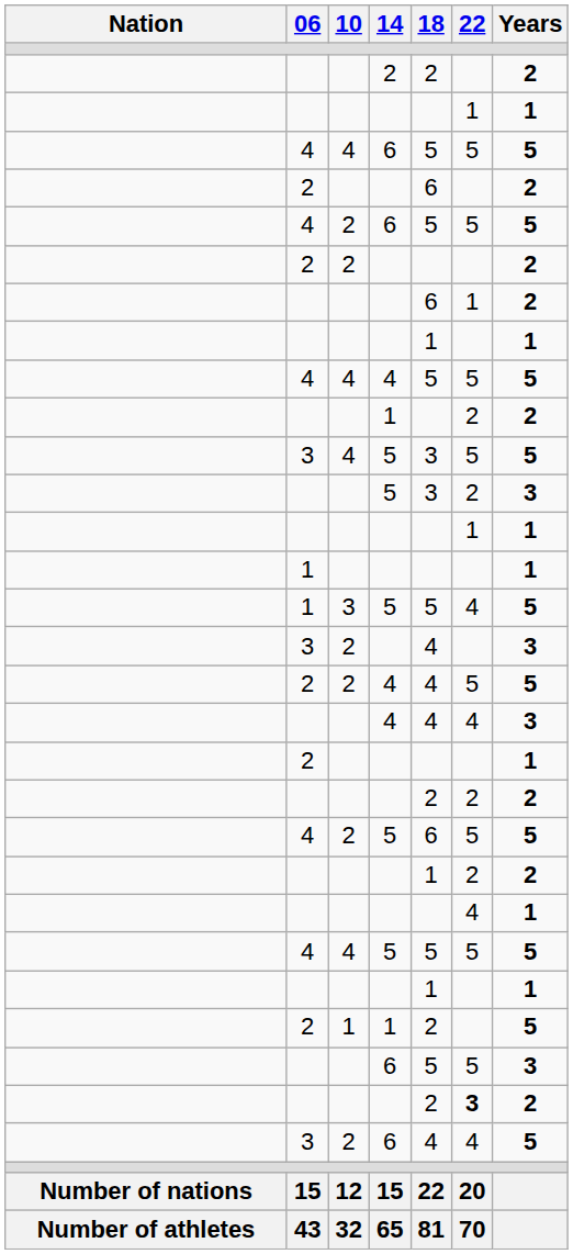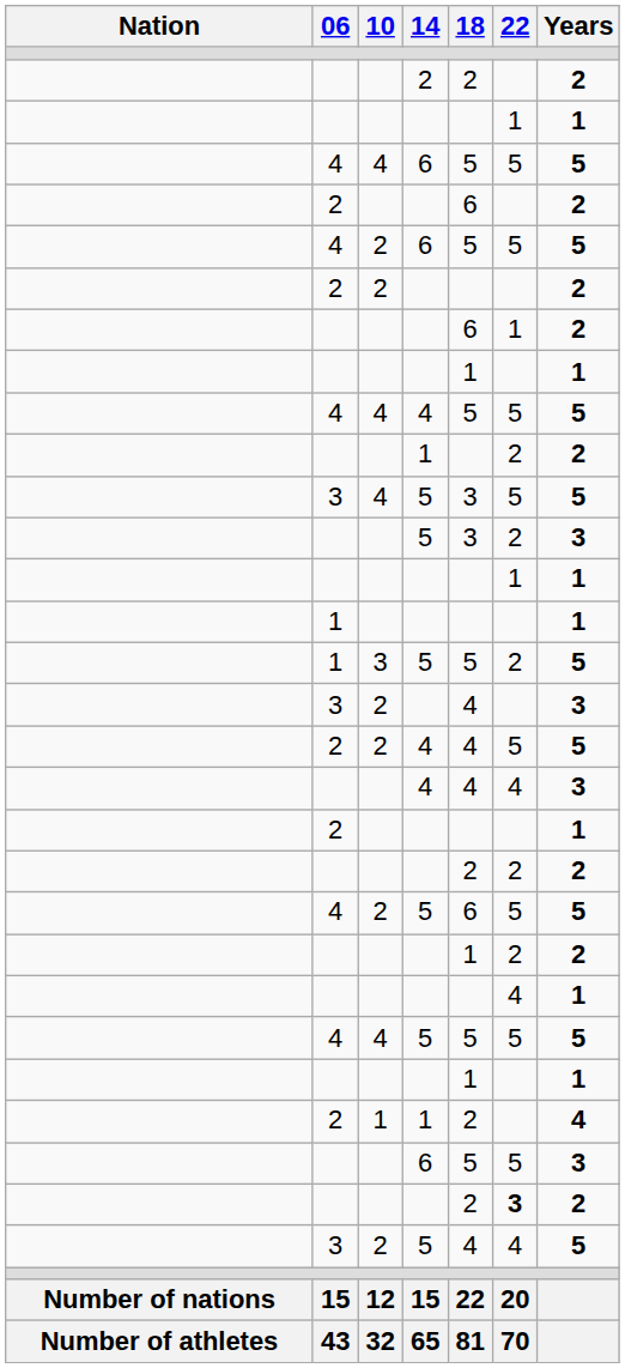 <table class=wikitable style="text-align:center">
 <tr>
 <th width=180>Nation</th>
 <th width=20><a href='#'>06</a></th>
 <th width=20><a href='#'>10</a></th>
 <th width=20><a href='#'>14</a></th>
 <th width=20><a href='#'>18</a></th>
 <th width=20><a href='#'>22</a></th>
 <th width=40>Years</th>
 </tr>
 <tr bgcolor=#DDDDDD>
 <td colspan=7></td>
 </tr>
 <tr>
 <td align=left></td>
 <td></td>
 <td></td>
 <td>2</td>
 <td>2</td>
 <td></td>
 <td><strong>2</strong></td>
 </tr>
 <tr>
 <td align=left></td>
 <td></td>
 <td></td>
 <td></td>
 <td></td>
 <td>1</td>
 <td><strong>1</strong></td>
 </tr>
 <tr>
 <td align=left></td>
 <td>4</td>
 <td>4</td>
 <td>6</td>
 <td>5</td>
 <td>5</td>
 <td><strong>5</strong></td>
 </tr>
 <tr>
 <td align=left></td>
 <td>2</td>
 <td></td>
 <td></td>
 <td>6</td>
 <td></td>
 <td><strong>2</strong></td>
 </tr>
 <tr>
 <td align=left></td>
 <td>4</td>
 <td>2</td>
 <td>6</td>
 <td>5</td>
 <td>5</td>
 <td><strong>5</strong></td>
 </tr>
 <tr>
 <td align=left></td>
 <td>2</td>
 <td>2</td>
 <td></td>
 <td></td>
 <td></td>
 <td><strong>2</strong></td>
 </tr>
 <tr>
 <td align=left></td>
 <td></td>
 <td></td>
 <td></td>
 <td>6</td>
 <td>1</td>
 <td><strong>2</strong></td>
 </tr>
 <tr>
 <td align=left></td>
 <td></td>
 <td></td>
 <td></td>
 <td>1</td>
 <td></td>
 <td><strong>1</strong></td>
 </tr>
 <tr>
 <td align=left></td>
 <td>4</td>
 <td>4</td>
 <td>4</td>
 <td>5</td>
 <td>5</td>
 <td><strong>5</strong></td>
 </tr>
 <tr>
 <td align=left></td>
 <td></td>
 <td></td>
 <td>1</td>
 <td></td>
 <td>2</td>
 <td><strong>2</strong></td>
 </tr>
 <tr>
 <td align=left></td>
 <td>3</td>
 <td>4</td>
 <td>5</td>
 <td>3</td>
 <td>5</td>
 <td><strong>5</strong></td>
 </tr>
 <tr>
 <td align=left></td>
 <td></td>
 <td></td>
 <td>5</td>
 <td>3</td>
 <td>2</td>
 <td><strong>3</strong></td>
 </tr>
 <tr>
 <td align=left></td>
 <td></td>
 <td></td>
 <td></td>
 <td></td>
 <td>1</td>
 <td><strong>1</strong></td>
 </tr>
 <tr>
 <td align=left></td>
 <td>1</td>
 <td></td>
 <td></td>
 <td></td>
 <td></td>
 <td><strong>1</strong></td>
 </tr>
 <tr>
 <td align=left></td>
 <td>1</td>
 <td>3</td>
 <td>5</td>
 <td>5</td>
-<td>4</td>
+<td>2</td>
 <td><strong>5</strong></td>
 </tr>
 <tr>
 <td align=left></td>
 <td>3</td>
 <td>2</td>
 <td></td>
 <td>4</td>
 <td></td>
 <td><strong>3</strong></td>
 </tr>
 <tr>
 <td align=left></td>
 <td>2</td>
 <td>2</td>
 <td>4</td>
 <td>4</td>
 <td>5</td>
 <td><strong>5</strong></td>
 </tr>
 <tr>
 <td align=left></td>
 <td></td>
 <td></td>
 <td>4</td>
 <td>4</td>
 <td>4</td>
 <td><strong>3</strong></td>
 </tr>
 <tr>
 <td align=left></td>
 <td>2</td>
 <td></td>
 <td></td>
 <td></td>
 <td></td>
 <td><strong>1</strong></td>
 </tr>
 <tr>
 <td align=left></td>
 <td></td>
 <td></td>
 <td></td>
 <td>2</td>
 <td>2</td>
 <td><strong>2</strong></td>
 </tr>
 <tr>
 <td align=left></td>
 <td>4</td>
 <td>2</td>
 <td>5</td>
 <td>6</td>
 <td>5</td>
 <td><strong>5</strong></td>
 </tr>
 <tr>
 <td align=left></td>
 <td></td>
 <td></td>
 <td></td>
 <td>1</td>
 <td>2</td>
 <td><strong>2</strong></td>
 </tr>
 <tr>
 <td align=left></td>
 <td></td>
 <td></td>
 <td></td>
 <td></td>
 <td>4</td>
 <td><strong>1</strong></td>
 </tr>
 <tr>
 <td align=left></td>
 <td>4</td>
 <td>4</td>
 <td>5</td>
 <td>5</td>
 <td>5</td>
 <td><strong>5</strong></td>
 </tr>
 <tr>
 <td align=left></td>
 <td></td>
 <td></td>
 <td></td>
 <td>1</td>
 <td></td>
 <td><strong>1</strong></td>
 </tr>
 <tr>
 <td align=left></td>
 <td>2</td>
 <td>1</td>
 <td>1</td>
 <td>2</td>
 <td></td>
-<td><strong>5</strong></td>
+<td><strong>4</strong></td>
 </tr>
 <tr>
 <td align=left></td>
 <td></td>
 <td></td>
 <td>6</td>
 <td>5</td>
 <td>5</td>
 <td><strong>3</strong></td>
 </tr>
 <tr>
 <td align=left></td>
 <td></td>
 <td></td>
 <td></td>
 <td>2</td>
 <td><strong>3</strong></td>
 <td><strong>2</strong></td>
 </tr>
 <tr>
 <td align=left></td>
 <td>3</td>
 <td>2</td>
-<td>6</td>
+<td>5</td>
 <td>4</td>
 <td>4</td>
 <td><strong>5</strong></td>
 </tr>
 <tr bgcolor=#DDDDDD>
 <td colspan=7></td>
 </tr>
 <tr>
 <th>Number of nations</th>
 <th>15</th>
 <th>12</th>
 <th>15</th>
 <th>22</th>
 <th>20</th>
 <th></th>
 </tr>
 <tr>
 <th>Number of athletes</th>
 <th>43</th>
 <th>32</th>
 <th>65</th>
 <th>81</th>
 <th>70</th>
 <th></th>
 </tr>
 </table>
